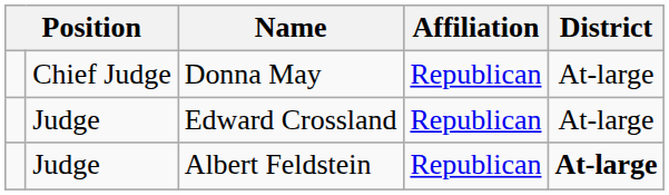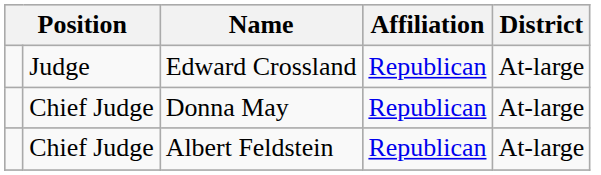 <table class=wikitable>
 <tr>
 <th colspan="2" style="text-align:center; vertical-align:bottom;">Position</th>
 <th style="text-align:center;">Name</th>
 <th valign=bottom>Affiliation</th>
 <th style="vertical-align:bottom; text-align:center;">District</th>
+</tr>
+<tr>
+<td style="background-color:"> </td>
+<td>Judge</td>
+<td>Edward Crossland</td>
+<td style="text-align:center;"><a href='#'>Republican</a></td>
+<td style="text-align:center;">At-large</td>
 </tr>
 <tr>
 <td style="background-color:"> </td>
 <td>Chief Judge</td>
 <td>Donna May</td>
 <td style="text-align:center;"><a href='#'>Republican</a></td>
 <td style="text-align:center;">At-large</td>
 </tr>
 <tr>
 <td style="background-color:"> </td>
-<td>Judge</td>
-<td>Edward Crossland</td>
+<td>Chief Judge</td>
+<td>Albert Feldstein</td>
 <td style="text-align:center;"><a href='#'>Republican</a></td>
 <td style="text-align:center;">At-large</td>
 </tr>
-<tr>
-<td style="background-color:"> </td>
-<td>Judge</td>
-<td>Albert Feldstein</td>
-<td style="text-align:center;"><a href='#'>Republican</a></td>
-<td style="text-align:center;"><strong>At-large</strong></td>
-</tr>
 </table>
